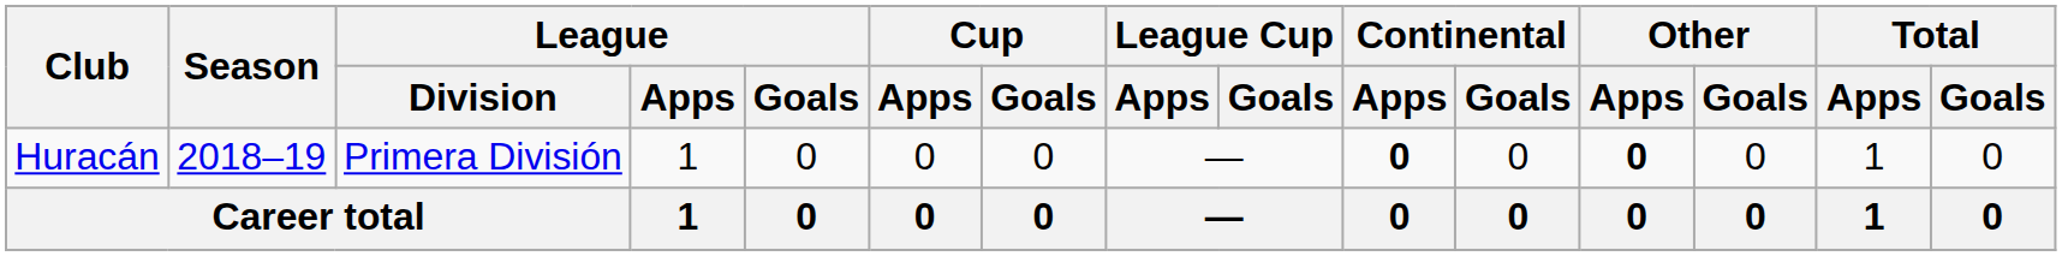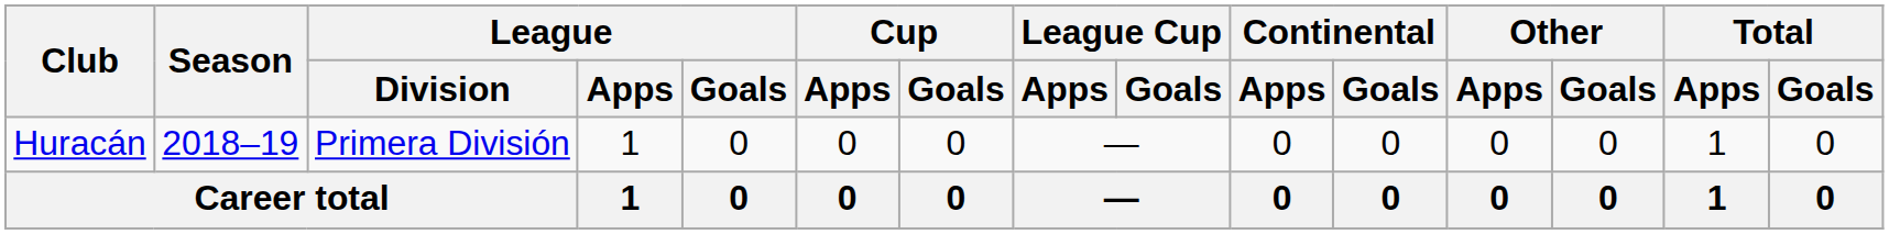 <table class="wikitable" style="text-align:center">
 <tr>
 <th rowspan="2">Club</th>
 <th rowspan="2">Season</th>
 <th colspan="3">League</th>
 <th colspan="2">Cup</th>
 <th colspan="2">League Cup</th>
 <th colspan="2">Continental</th>
 <th colspan="2">Other</th>
 <th colspan="2">Total</th>
 </tr>
 <tr>
 <th>Division</th>
 <th>Apps</th>
 <th>Goals</th>
 <th>Apps</th>
 <th>Goals</th>
 <th>Apps</th>
 <th>Goals</th>
 <th>Apps</th>
 <th>Goals</th>
 <th>Apps</th>
 <th>Goals</th>
 <th>Apps</th>
 <th>Goals</th>
 </tr>
 <tr>
 <td rowspan="1"><a href='#'>Huracán</a></td>
 <td><a href='#'>2018–19</a></td>
 <td rowspan="1"><a href='#'>Primera División</a></td>
 <td>1</td>
 <td>0</td>
 <td>0</td>
 <td>0</td>
 <td colspan="2">—</td>
-<td><strong>0</strong></td>
 <td>0</td>
-<td><strong>0</strong></td>
+<td>0</td>
+<td>0</td>
 <td>0</td>
 <td>1</td>
 <td>0</td>
 </tr>
 <tr>
 <th colspan="3">Career total</th>
 <th>1</th>
 <th>0</th>
 <th>0</th>
 <th>0</th>
 <th colspan="2">—</th>
 <th>0</th>
 <th>0</th>
 <th>0</th>
 <th>0</th>
 <th>1</th>
 <th>0</th>
 </tr>
 </table>
